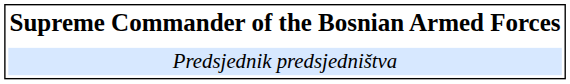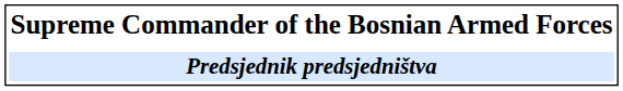 <table style="border:1px solid black; background:white; font-size:95%; margin:auto;">
 <tr>
 <td style="text-align:center;" colspan="3"><big><strong>Supreme Commander of the Bosnian Armed Forces</strong></big></td>
 </tr>
 <tr align=center>
 <td></td>
 </tr>
 <tr style="text-align:center; background:#d7e8ff;">
-<td><em>Predsjednik predsjedništva</em></td>
+<td><strong><em>Predsjednik predsjedništva</em></strong></td>
 </tr>
 </table>
